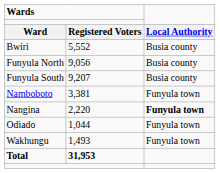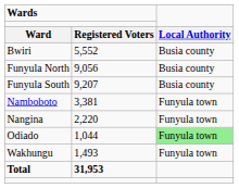 <table class="wikitable">
 <tr>
 <td colspan="2"><strong>Wards</strong></td>
 </tr>
 <tr>
 <td colspan="2"></td>
 </tr>
 <tr>
 <th>Ward</th>
 <th>Registered Voters</th>
 <th><a href='#'>Local Authority</a></th>
 </tr>
 <tr>
 <td>Bwiri</td>
 <td>5,552</td>
 <td>Busia county</td>
 </tr>
 <tr>
 <td>Funyula North</td>
 <td>9,056</td>
 <td>Busia county</td>
 </tr>
 <tr>
 <td>Funyula South</td>
 <td>9,207</td>
 <td>Busia county</td>
 </tr>
 <tr>
 <td><a href='#'>Namboboto</a></td>
 <td>3,381</td>
 <td>Funyula town</td>
 </tr>
 <tr>
 <td>Nangina</td>
 <td>2,220</td>
-<td><strong>Funyula town</strong></td>
+<td>Funyula town</td>
 </tr>
 <tr>
 <td>Odiado</td>
 <td>1,044</td>
-<td>Funyula town</td>
+<td style="background: lightgreen;">Funyula town</td>
 </tr>
 <tr>
 <td>Wakhungu</td>
 <td>1,493</td>
 <td>Funyula town</td>
 </tr>
 <tr>
 <td><strong>Total</strong></td>
 <td><strong>31,953</strong></td>
 <td></td>
 </tr>
 <tr>
 <td colspan="2"></td>
 </tr>
 </table>
